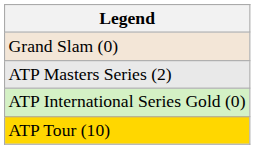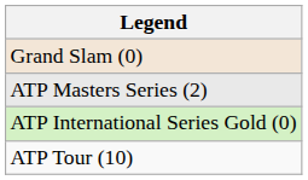 <table class="wikitable sortable mw-collapsible mw-collapsed">
 <tr>
 <th>Legend</th>
 </tr>
 <tr style="background:#f3e6d7;">
 <td>Grand Slam (0)</td>
 </tr>
 <tr style="background:#e9e9e9;">
 <td>ATP Masters Series (2)</td>
 </tr>
 <tr style="background:#d4f1c5;">
 <td>ATP International Series Gold (0)</td>
 </tr>
 <tr>
-<td style="background: gold;">ATP Tour (10)</td>
+<td>ATP Tour (10)</td>
 </tr>
 </table>
